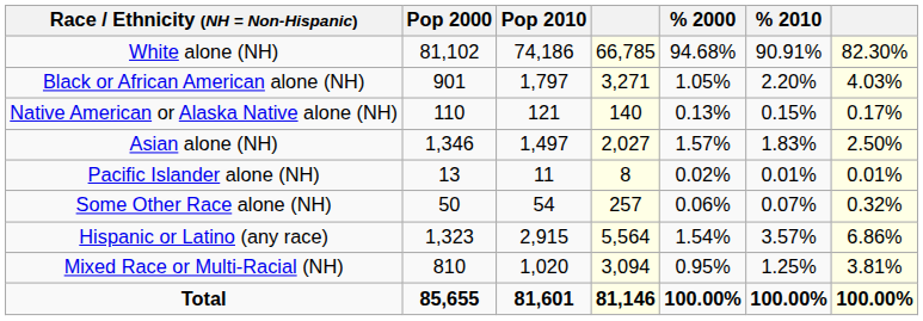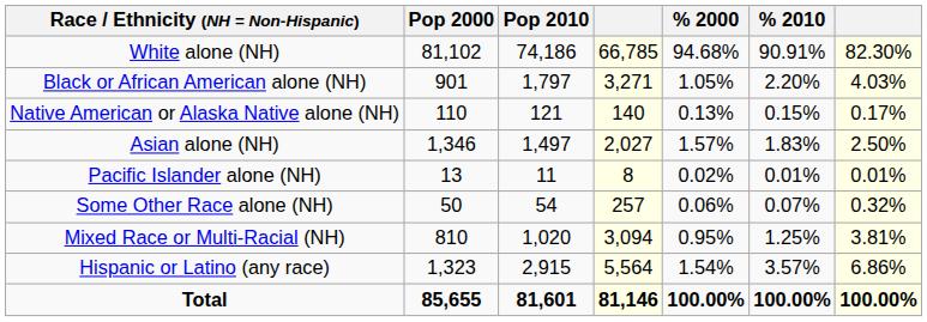 <table class="wikitable" style="text-align:center;">
 <tr>
 <th>Race / Ethnicity <small>(<em>NH = Non-Hispanic</em>)</small></th>
 <th>Pop 2000</th>
 <th>Pop 2010</th>
 <th></th>
 <th>% 2000</th>
 <th>% 2010</th>
 <th></th>
 </tr>
 <tr>
 <td><a href='#'>White</a> alone (NH)</td>
 <td>81,102</td>
 <td>74,186</td>
 <td style='background: #ffffe6;'>66,785</td>
 <td>94.68%</td>
 <td>90.91%</td>
 <td style='background: #ffffe6;'>82.30%</td>
 </tr>
 <tr>
 <td><a href='#'>Black or African American</a> alone (NH)</td>
 <td>901</td>
 <td>1,797</td>
 <td style='background: #ffffe6;'>3,271</td>
 <td>1.05%</td>
 <td>2.20%</td>
 <td style='background: #ffffe6;'>4.03%</td>
 </tr>
 <tr>
 <td><a href='#'>Native American</a> or <a href='#'>Alaska Native</a> alone (NH)</td>
 <td>110</td>
 <td>121</td>
 <td style='background: #ffffe6;'>140</td>
 <td>0.13%</td>
 <td>0.15%</td>
 <td style='background: #ffffe6;'>0.17%</td>
 </tr>
 <tr>
 <td><a href='#'>Asian</a> alone (NH)</td>
 <td>1,346</td>
 <td>1,497</td>
 <td style='background: #ffffe6;'>2,027</td>
 <td>1.57%</td>
 <td>1.83%</td>
 <td style='background: #ffffe6;'>2.50%</td>
 </tr>
 <tr>
 <td><a href='#'>Pacific Islander</a> alone (NH)</td>
 <td>13</td>
 <td>11</td>
 <td style='background: #ffffe6;'>8</td>
 <td>0.02%</td>
 <td>0.01%</td>
 <td style='background: #ffffe6;'>0.01%</td>
 </tr>
 <tr>
 <td><a href='#'>Some Other Race</a> alone (NH)</td>
 <td>50</td>
 <td>54</td>
 <td style='background: #ffffe6;'>257</td>
 <td>0.06%</td>
 <td>0.07%</td>
 <td style='background: #ffffe6;'>0.32%</td>
 </tr>
 <tr>
+<td><a href='#'>Mixed Race or Multi-Racial</a> (NH)</td>
+<td>810</td>
+<td>1,020</td>
+<td style='background: #ffffe6;'>3,094</td>
+<td>0.95%</td>
+<td>1.25%</td>
+<td style='background: #ffffe6;'>3.81%</td>
+</tr>
+<tr>
 <td><a href='#'>Hispanic or Latino</a> (any race)</td>
 <td>1,323</td>
 <td>2,915</td>
 <td style='background: #ffffe6;'>5,564</td>
 <td>1.54%</td>
 <td>3.57%</td>
 <td style='background: #ffffe6;'>6.86%</td>
-</tr>
-<tr>
-<td><a href='#'>Mixed Race or Multi-Racial</a> (NH)</td>
-<td>810</td>
-<td>1,020</td>
-<td style='background: #ffffe6;'>3,094</td>
-<td>0.95%</td>
-<td>1.25%</td>
-<td style='background: #ffffe6;'>3.81%</td>
 </tr>
 <tr>
 <td><strong>Total</strong></td>
 <td><strong>85,655</strong></td>
 <td><strong>81,601</strong></td>
 <td style='background: #ffffe6;'><strong>81,146</strong></td>
 <td><strong>100.00%</strong></td>
 <td><strong>100.00%</strong></td>
 <td style='background: #ffffe6;'><strong>100.00%</strong></td>
 </tr>
 </table>
